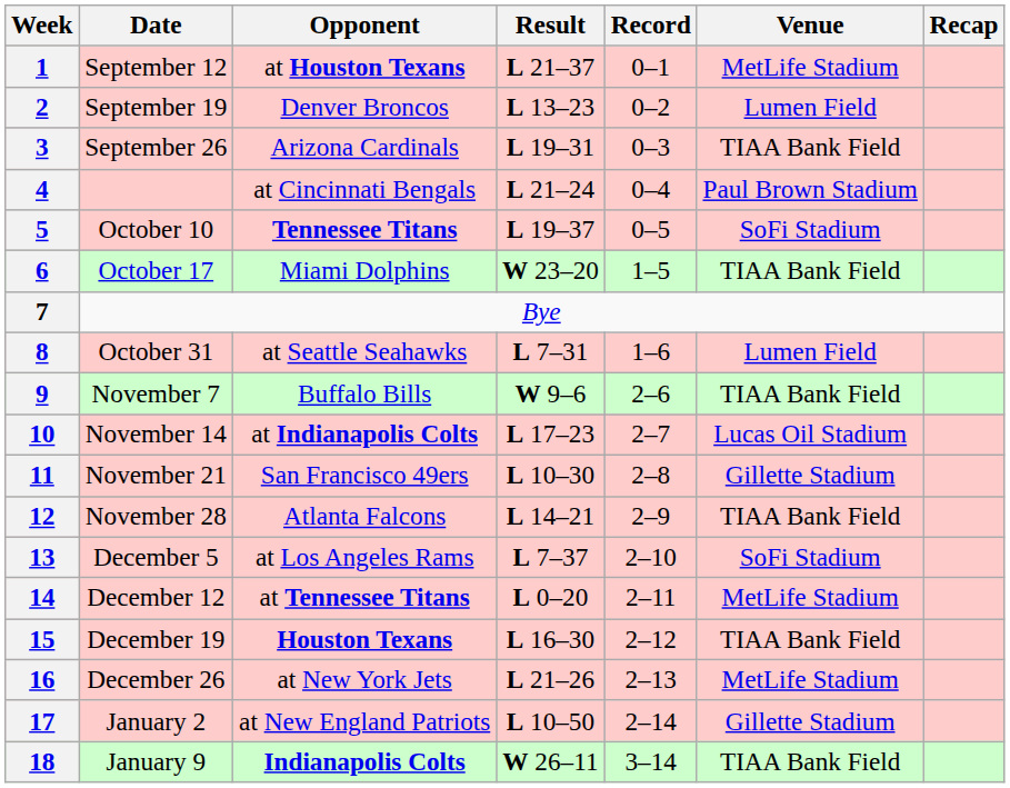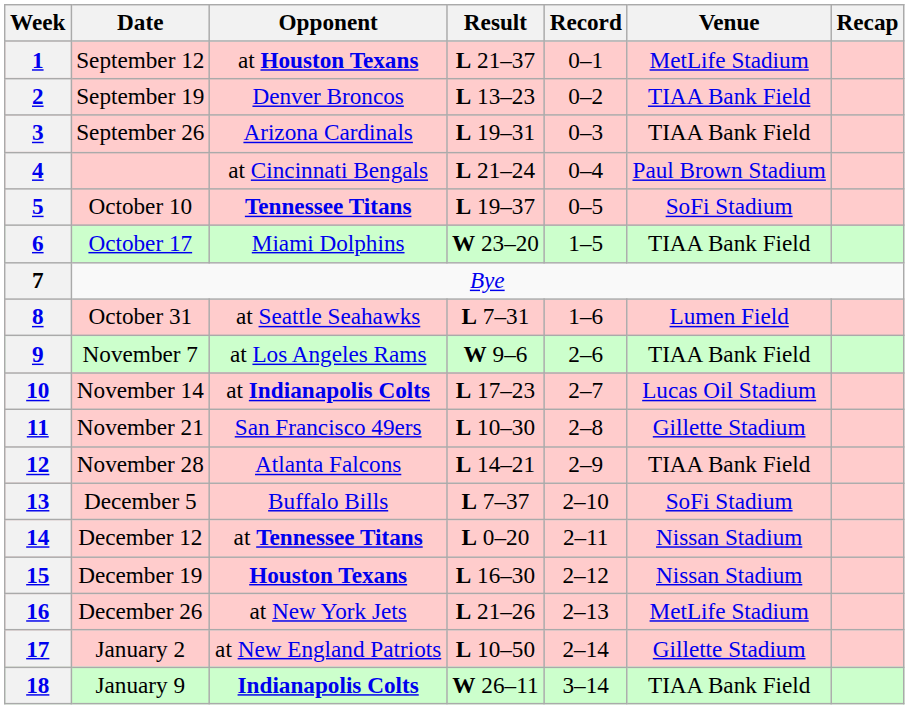 <table class="wikitable" style="text-align:center">
 <tr>
 <th>Week</th>
 <th>Date</th>
 <th>Opponent</th>
 <th>Result</th>
 <th>Record</th>
 <th>Venue</th>
 <th>Recap</th>
 </tr>
 <tr style="background:#fcc">
 <th><a href='#'>1</a></th>
 <td>September 12</td>
 <td>at <strong><a href='#'>Houston Texans</a></strong></td>
 <td><strong>L</strong> 21–37</td>
 <td>0–1</td>
 <td><a href='#'>MetLife Stadium</a></td>
 <td></td>
 </tr>
 <tr style="background:#fcc">
 <th><a href='#'>2</a></th>
 <td>September 19</td>
 <td><a href='#'>Denver Broncos</a></td>
 <td><strong>L</strong> 13–23</td>
 <td>0–2</td>
-<td><a href='#'>Lumen Field</a></td>
+<td><a href='#'>TIAA Bank Field</a></td>
 <td></td>
 </tr>
 <tr style="background:#fcc">
 <th><a href='#'>3</a></th>
 <td>September 26</td>
 <td><a href='#'>Arizona Cardinals</a></td>
 <td><strong>L</strong> 19–31</td>
 <td>0–3</td>
 <td>TIAA Bank Field</td>
 <td></td>
 </tr>
 <tr style="background:#fcc">
 <th><a href='#'>4</a></th>
 <td></td>
 <td>at <a href='#'>Cincinnati Bengals</a></td>
 <td><strong>L</strong> 21–24</td>
 <td>0–4</td>
 <td><a href='#'>Paul Brown Stadium</a></td>
 <td></td>
 </tr>
 <tr style="background:#fcc">
 <th><a href='#'>5</a></th>
 <td>October 10</td>
 <td><strong><a href='#'>Tennessee Titans</a></strong></td>
 <td><strong>L</strong> 19–37</td>
 <td>0–5</td>
 <td><a href='#'>SoFi Stadium</a></td>
 <td></td>
 </tr>
 <tr style="background:#cfc">
 <th><a href='#'>6</a></th>
 <td><a href='#'>October 17</a></td>
 <td><a href='#'>Miami Dolphins</a></td>
 <td><strong>W</strong> 23–20</td>
 <td>1–5</td>
 <td>TIAA Bank Field</td>
 <td></td>
 </tr>
 <tr>
 <th>7</th>
 <td colspan="6"><em><a href='#'>Bye</a></em></td>
 </tr>
 <tr style="background:#fcc">
 <th><a href='#'>8</a></th>
 <td>October 31</td>
 <td>at <a href='#'>Seattle Seahawks</a></td>
 <td><strong>L</strong> 7–31</td>
 <td>1–6</td>
 <td><a href='#'>Lumen Field</a></td>
 <td></td>
 </tr>
 <tr style="background:#cfc">
 <th><a href='#'>9</a></th>
 <td>November 7</td>
-<td><a href='#'>Buffalo Bills</a></td>
+<td>at <a href='#'>Los Angeles Rams</a></td>
 <td><strong>W</strong> 9–6</td>
 <td>2–6</td>
 <td>TIAA Bank Field</td>
 <td></td>
 </tr>
 <tr style="background:#fcc">
 <th><a href='#'>10</a></th>
 <td>November 14</td>
 <td>at <strong><a href='#'>Indianapolis Colts</a></strong></td>
 <td><strong>L</strong> 17–23</td>
 <td>2–7</td>
 <td><a href='#'>Lucas Oil Stadium</a></td>
 <td></td>
 </tr>
 <tr style="background:#fcc">
 <th><a href='#'>11</a></th>
 <td>November 21</td>
 <td><a href='#'>San Francisco 49ers</a></td>
 <td><strong>L</strong> 10–30</td>
 <td>2–8</td>
 <td><a href='#'>Gillette Stadium</a></td>
 <td></td>
 </tr>
 <tr style="background:#fcc">
 <th><a href='#'>12</a></th>
 <td>November 28</td>
 <td><a href='#'>Atlanta Falcons</a></td>
 <td><strong>L</strong> 14–21</td>
 <td>2–9</td>
 <td>TIAA Bank Field</td>
 <td></td>
 </tr>
 <tr style="background:#fcc">
 <th><a href='#'>13</a></th>
 <td>December 5</td>
-<td>at <a href='#'>Los Angeles Rams</a></td>
+<td><a href='#'>Buffalo Bills</a></td>
 <td><strong>L</strong> 7–37</td>
 <td>2–10</td>
 <td><a href='#'>SoFi Stadium</a></td>
 <td></td>
 </tr>
 <tr style="background:#fcc">
 <th><a href='#'>14</a></th>
 <td>December 12</td>
 <td>at <strong><a href='#'>Tennessee Titans</a></strong></td>
 <td><strong>L</strong> 0–20</td>
 <td>2–11</td>
-<td><a href='#'>MetLife Stadium</a></td>
+<td><a href='#'>Nissan Stadium</a></td>
 <td></td>
 </tr>
 <tr style="background:#fcc">
 <th><a href='#'>15</a></th>
 <td>December 19</td>
 <td><strong><a href='#'>Houston Texans</a></strong></td>
 <td><strong>L</strong> 16–30</td>
 <td>2–12</td>
-<td>TIAA Bank Field</td>
+<td><a href='#'>Nissan Stadium</a></td>
 <td></td>
 </tr>
 <tr style="background:#fcc">
 <th><a href='#'>16</a></th>
 <td>December 26</td>
 <td>at <a href='#'>New York Jets</a></td>
 <td><strong>L</strong> 21–26</td>
 <td>2–13</td>
 <td><a href='#'>MetLife Stadium</a></td>
 <td></td>
 </tr>
 <tr style="background:#fcc">
 <th><a href='#'>17</a></th>
 <td>January 2</td>
 <td>at <a href='#'>New England Patriots</a></td>
 <td><strong>L</strong> 10–50</td>
 <td>2–14</td>
 <td><a href='#'>Gillette Stadium</a></td>
 <td></td>
 </tr>
 <tr style="background:#cfc">
 <th><a href='#'>18</a></th>
 <td>January 9</td>
 <td><strong><a href='#'>Indianapolis Colts</a></strong></td>
 <td><strong>W</strong> 26–11</td>
 <td>3–14</td>
 <td>TIAA Bank Field</td>
 <td></td>
 </tr>
 </table>
